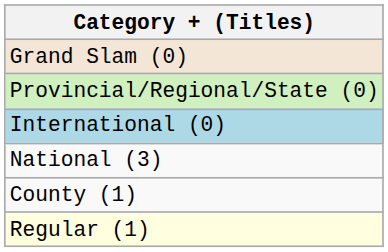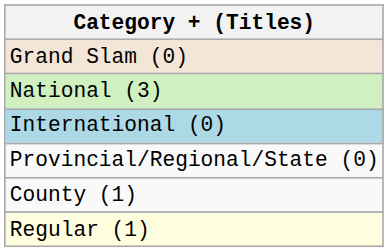 <table class="wikitable" style="display:inline-table;">
 <tr style="background:#ffc;">
 <th>Category + (Titles)</th>
 </tr>
 <tr style="background:#f3e6d7">
 <td>Grand Slam (0)</td>
 </tr>
 <tr style="background:#d0f0c0">
-<td>Provincial/Regional/State (0)</td>
+<td>National (3)</td>
 </tr>
 <tr style="background:#add8e6">
 <td>International (0)</td>
 </tr>
 <tr>
-<td>National (3)</td>
+<td>Provincial/Regional/State (0)</td>
 </tr>
 <tr>
 <td>County (1)</td>
 </tr>
 <tr>
 <td style="background: lightyellow;">Regular (1)</td>
 </tr>
 </table>
